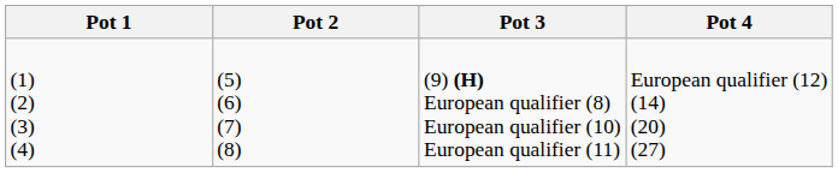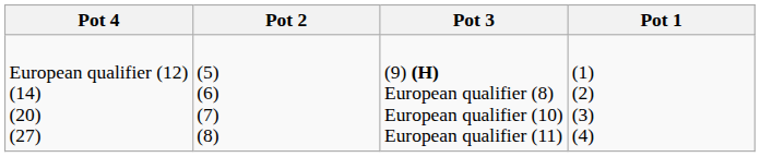 <table class="wikitable">
 <tr>
-<th width=25%>Pot 1</th>
+<th width=25%>Pot 4</th>
 <th width=25%>Pot 2</th>
 <th width=25%>Pot 3</th>
-<th width=25%>Pot 4</th>
+<th width=25%>Pot 1</th>
 </tr>
 <tr>
-<td><br> (1)<br>  (2)<br>  (3)<br>  (4)</td>
+<td><br> European qualifier (12)<br>  (14)<br>  (20)<br>  (27)</td>
 <td><br> (5)<br>  (6)<br>  (7)<br>  (8)</td>
 <td><br> (9) <strong>(H)</strong><br>  European qualifier (8)<br>  European qualifier (10)<br>  European qualifier (11)</td>
-<td><br> European qualifier (12)<br>  (14)<br>  (20)<br>  (27)</td>
+<td><br> (1)<br>  (2)<br>  (3)<br>  (4)</td>
 </tr>
 </table>
